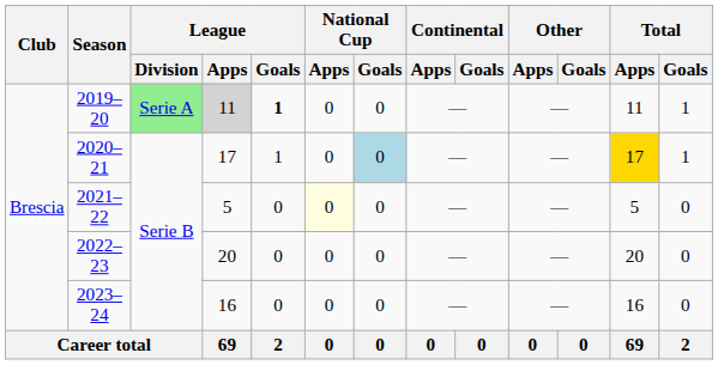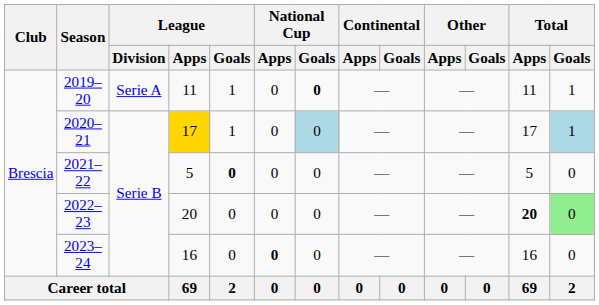 <table class="wikitable" style="text-align:center">
 <tr>
 <th rowspan="2">Club</th>
 <th rowspan="2">Season</th>
 <th colspan="3">League</th>
 <th colspan="2">National Cup</th>
 <th colspan="2">Continental</th>
 <th colspan="2">Other</th>
 <th colspan="2">Total</th>
 </tr>
 <tr>
 <th>Division</th>
 <th>Apps</th>
 <th>Goals</th>
 <th>Apps</th>
 <th>Goals</th>
 <th>Apps</th>
 <th>Goals</th>
 <th>Apps</th>
 <th>Goals</th>
 <th>Apps</th>
 <th>Goals</th>
 </tr>
 <tr>
 <td rowspan="5"><a href='#'>Brescia</a></td>
 <td><a href='#'>2019–20</a></td>
-<td style="background: lightgreen;"><a href='#'>Serie A</a></td>
-<td style="background: lightgrey;">11</td>
-<td><strong>1</strong></td>
+<td><a href='#'>Serie A</a></td>
+<td>11</td>
+<td>1</td>
 <td>0</td>
-<td>0</td>
+<td><strong>0</strong></td>
 <td colspan="2">—</td>
 <td colspan="2">—</td>
 <td>11</td>
 <td>1</td>
 </tr>
 <tr>
 <td><a href='#'>2020–21</a></td>
 <td rowspan="4"><a href='#'>Serie B</a></td>
-<td>17</td>
+<td style="background: gold;">17</td>
 <td>1</td>
 <td>0</td>
 <td style="background: lightblue;">0</td>
 <td colspan="2">—</td>
 <td colspan="2">—</td>
-<td style="background: gold;">17</td>
-<td>1</td>
+<td>17</td>
+<td style="background: lightblue;">1</td>
 </tr>
 <tr>
 <td><a href='#'>2021–22</a></td>
 <td>5</td>
+<td><strong>0</strong></td>
 <td>0</td>
-<td style="background: lightyellow;">0</td>
 <td>0</td>
 <td colspan="2">—</td>
 <td colspan="2">—</td>
 <td>5</td>
 <td>0</td>
 </tr>
 <tr>
 <td><a href='#'>2022–23</a></td>
 <td>20</td>
 <td>0</td>
 <td>0</td>
 <td>0</td>
 <td colspan="2">—</td>
 <td colspan="2">—</td>
-<td>20</td>
-<td>0</td>
+<td><strong>20</strong></td>
+<td style="background: lightgreen;">0</td>
 </tr>
 <tr>
 <td><a href='#'>2023–24</a></td>
 <td>16</td>
 <td>0</td>
-<td>0</td>
+<td><strong>0</strong></td>
 <td>0</td>
 <td colspan="2">—</td>
 <td colspan="2">—</td>
 <td>16</td>
 <td>0</td>
 </tr>
 <tr>
 <th colspan="3">Career total</th>
 <th>69</th>
 <th>2</th>
 <th>0</th>
 <th>0</th>
 <th>0</th>
 <th>0</th>
 <th>0</th>
 <th>0</th>
 <th>69</th>
 <th>2</th>
 </tr>
 </table>
